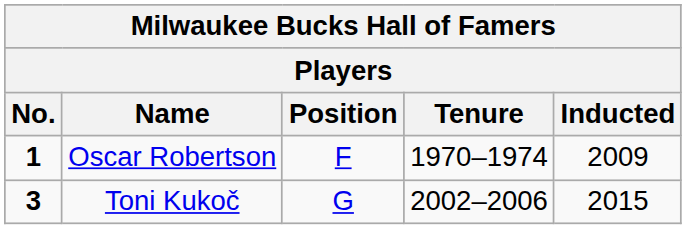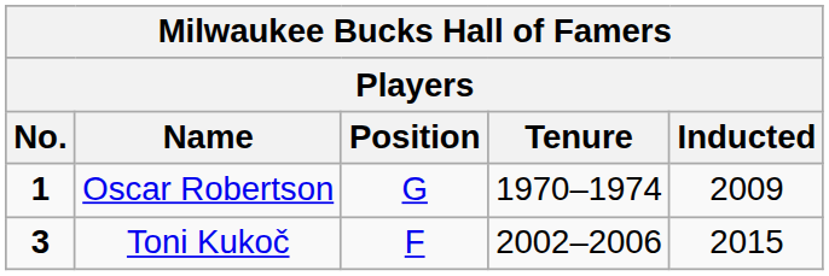 <table class="wikitable" style="text-align:center">
 <tr>
 <th colspan="5">Milwaukee Bucks Hall of Famers</th>
 </tr>
 <tr>
 <th colspan="5" style="text-align:center; ">Players</th>
 </tr>
 <tr>
 <th>No.</th>
 <th>Name</th>
 <th>Position</th>
 <th>Tenure</th>
 <th>Inducted</th>
 </tr>
 <tr>
 <td><strong>1</strong></td>
 <td><a href='#'>Oscar Robertson</a></td>
-<td><a href='#'>F</a></td>
+<td><a href='#'>G</a></td>
 <td>1970–1974</td>
 <td>2009</td>
 </tr>
 <tr>
 <td><strong>3</strong></td>
 <td><a href='#'>Toni Kukoč</a></td>
-<td><a href='#'>G</a></td>
+<td><a href='#'>F</a></td>
 <td>2002–2006</td>
 <td>2015</td>
 </tr>
 </table>
